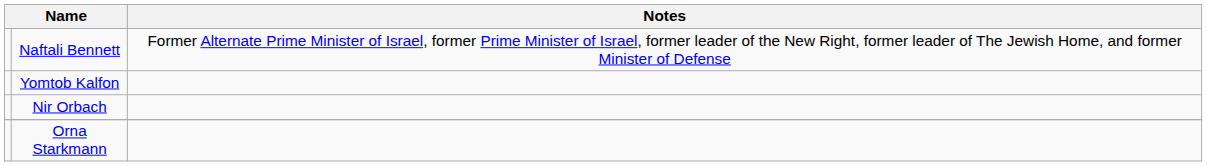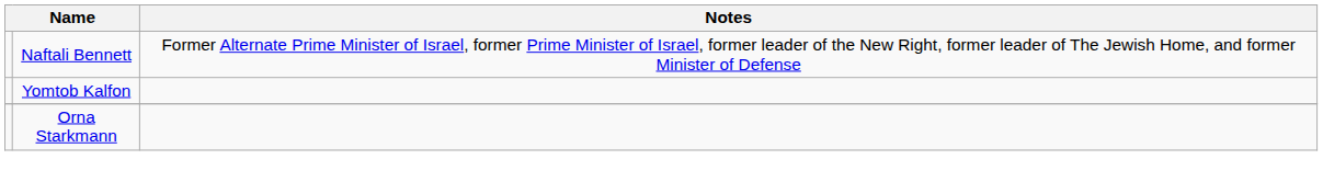 <table class="wikitable" style="text-align: center;">
 <tr>
 <th colspan="2">Name</th>
 <th>Notes</th>
 </tr>
 <tr>
 <td style="background: "></td>
 <td><a href='#'>Naftali Bennett</a></td>
 <td>Former <a href='#'>Alternate Prime Minister of Israel</a>, former <a href='#'>Prime Minister of Israel</a>, former leader of the New Right, former leader of The Jewish Home, and former <a href='#'>Minister of Defense</a></td>
 </tr>
 <tr>
 <td style="background: "></td>
 <td><a href='#'>Yomtob Kalfon</a></td>
 <td></td>
 </tr>
 <tr>
-<td style="background: "></td>
-<td><a href='#'>Nir Orbach</a></td>
-<td></td>
-</tr>
-<tr>
 </tr>
 <tr>
 <td style="background: "></td>
 <td><a href='#'>Orna Starkmann</a></td>
 <td></td>
 </tr>
 </table>
